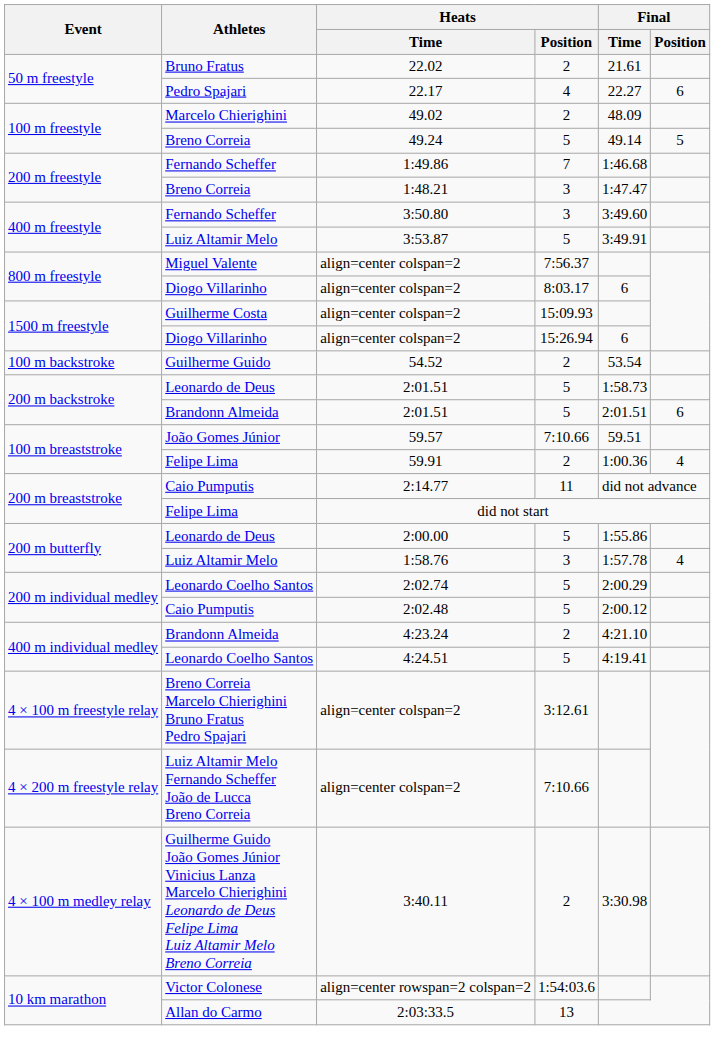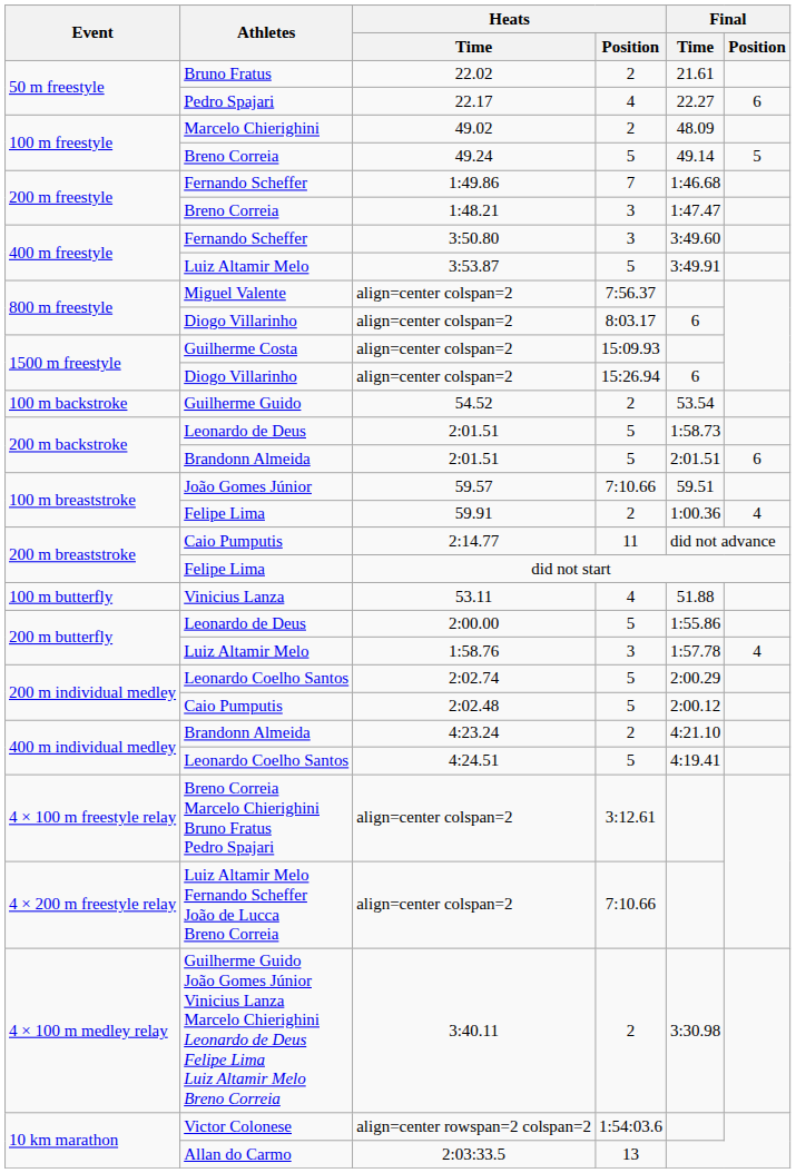 <table class="wikitable" border="1" style="font-size:90%">
 <tr>
 <th rowspan=2>Event</th>
 <th rowspan=2>Athletes</th>
 <th colspan=2>Heats</th>
 <th colspan=2>Final</th>
 </tr>
 <tr>
 <th>Time</th>
 <th>Position</th>
 <th>Time</th>
 <th>Position</th>
 </tr>
 <tr>
 <td rowspan=2><a href='#'>50 m freestyle</a></td>
 <td><a href='#'>Bruno Fratus</a></td>
 <td align=center>22.02</td>
 <td align=center>2</td>
 <td align=center>21.61</td>
 <td align=center></td>
 </tr>
 <tr>
 <td><a href='#'>Pedro Spajari</a></td>
 <td align=center>22.17</td>
 <td align=center>4</td>
 <td align=center>22.27</td>
 <td align=center>6</td>
 </tr>
 <tr>
 <td rowspan=2><a href='#'>100 m freestyle</a></td>
 <td><a href='#'>Marcelo Chierighini</a></td>
 <td align=center>49.02</td>
 <td align=center>2</td>
 <td align=center>48.09</td>
 <td align=center></td>
 </tr>
 <tr>
 <td><a href='#'>Breno Correia</a></td>
 <td align=center>49.24</td>
 <td align=center>5</td>
 <td align=center>49.14</td>
 <td align=center>5</td>
 </tr>
 <tr>
 <td rowspan=2><a href='#'>200 m freestyle</a></td>
 <td><a href='#'>Fernando Scheffer</a></td>
 <td align=center>1:49.86</td>
 <td align=center>7</td>
 <td align=center>1:46.68</td>
 <td align=center></td>
 </tr>
 <tr>
 <td><a href='#'>Breno Correia</a></td>
 <td align=center>1:48.21</td>
 <td align=center>3</td>
 <td align=center>1:47.47</td>
 <td align=center></td>
 </tr>
 <tr>
 <td rowspan=2><a href='#'>400 m freestyle</a></td>
 <td><a href='#'>Fernando Scheffer</a></td>
 <td align=center>3:50.80</td>
 <td align=center>3</td>
 <td align=center>3:49.60</td>
 <td align=center></td>
 </tr>
 <tr>
 <td><a href='#'>Luiz Altamir Melo</a></td>
 <td align=center>3:53.87</td>
 <td align=center>5</td>
 <td align=center>3:49.91</td>
 <td align=center></td>
 </tr>
 <tr>
 <td rowspan=2><a href='#'>800 m freestyle</a></td>
 <td><a href='#'>Miguel Valente</a></td>
 <td>align=center colspan=2 </td>
 <td align=center>7:56.37</td>
 <td align=center></td>
 </tr>
 <tr>
 <td><a href='#'>Diogo Villarinho</a></td>
 <td>align=center colspan=2 </td>
 <td align=center>8:03.17</td>
 <td align=center>6</td>
 </tr>
 <tr>
 <td rowspan=2><a href='#'>1500 m freestyle</a></td>
 <td><a href='#'>Guilherme Costa</a></td>
 <td>align=center colspan=2 </td>
 <td align=center>15:09.93</td>
 <td align=center></td>
 </tr>
 <tr>
 <td><a href='#'>Diogo Villarinho</a></td>
 <td>align=center colspan=2 </td>
 <td align=center>15:26.94</td>
 <td align=center>6</td>
 </tr>
 <tr>
 <td rowspan=1><a href='#'>100 m backstroke</a></td>
 <td><a href='#'>Guilherme Guido</a></td>
 <td align=center>54.52</td>
 <td align=center>2</td>
 <td align=center>53.54</td>
 <td align=center></td>
 </tr>
 <tr>
 <td rowspan=2><a href='#'>200 m backstroke</a></td>
 <td><a href='#'>Leonardo de Deus</a></td>
 <td align=center>2:01.51</td>
 <td align=center>5</td>
 <td align=center>1:58.73</td>
 <td align=center></td>
 </tr>
 <tr>
 <td><a href='#'>Brandonn Almeida</a></td>
 <td align=center>2:01.51</td>
 <td align=center>5</td>
 <td align=center>2:01.51</td>
 <td align=center>6</td>
 </tr>
 <tr>
 <td rowspan=2><a href='#'>100 m breaststroke</a></td>
 <td><a href='#'>João Gomes Júnior</a></td>
 <td align=center>59.57</td>
 <td align=center>7:10.66</td>
 <td align=center>59.51</td>
 <td align=center></td>
 </tr>
 <tr>
 <td><a href='#'>Felipe Lima</a></td>
 <td align=center>59.91</td>
 <td align=center>2</td>
 <td align=center>1:00.36</td>
 <td align=center>4</td>
 </tr>
 <tr>
 <td rowspan=2><a href='#'>200 m breaststroke</a></td>
 <td><a href='#'>Caio Pumputis</a></td>
 <td align=center>2:14.77</td>
 <td align=center>11</td>
 <td colspan=2>did not advance</td>
 </tr>
 <tr>
 <td><a href='#'>Felipe Lima</a></td>
 <td align=center colspan=4>did not start</td>
 </tr>
 <tr>
+<td rowspan=1><a href='#'>100 m butterfly</a></td>
+<td><a href='#'>Vinicius Lanza</a></td>
+<td align=center>53.11</td>
+<td align=center>4</td>
+<td align=center>51.88</td>
+<td align=center></td>
+</tr>
+<tr>
 <td rowspan=2><a href='#'>200 m butterfly</a></td>
 <td><a href='#'>Leonardo de Deus</a></td>
 <td align=center>2:00.00</td>
 <td align=center>5</td>
 <td align=center>1:55.86</td>
 <td align=center></td>
 </tr>
 <tr>
 <td><a href='#'>Luiz Altamir Melo</a></td>
 <td align=center>1:58.76</td>
 <td align=center>3</td>
 <td align=center>1:57.78</td>
 <td align=center>4</td>
 </tr>
 <tr>
 <td rowspan=2><a href='#'>200 m individual medley</a></td>
 <td><a href='#'>Leonardo Coelho Santos</a></td>
 <td align=center>2:02.74</td>
 <td align=center>5</td>
 <td align=center>2:00.29</td>
 <td align=center></td>
 </tr>
 <tr>
 <td><a href='#'>Caio Pumputis</a></td>
 <td align=center>2:02.48</td>
 <td align=center>5</td>
 <td align=center>2:00.12</td>
 <td align=center></td>
 </tr>
 <tr>
 <td rowspan=2><a href='#'>400 m individual medley</a></td>
 <td><a href='#'>Brandonn Almeida</a></td>
 <td align=center>4:23.24</td>
 <td align=center>2</td>
 <td align=center>4:21.10</td>
 <td align=center></td>
 </tr>
 <tr>
 <td><a href='#'>Leonardo Coelho Santos</a></td>
 <td align=center>4:24.51</td>
 <td align=center>5</td>
 <td align=center>4:19.41</td>
 <td align=center></td>
 </tr>
 <tr>
 <td><a href='#'>4 × 100 m freestyle relay</a></td>
 <td><a href='#'>Breno Correia</a><br><a href='#'>Marcelo Chierighini</a><br><a href='#'>Bruno Fratus</a><br><a href='#'>Pedro Spajari</a></td>
 <td>align=center colspan=2 </td>
 <td align=center>3:12.61</td>
 <td align=center></td>
 </tr>
 <tr>
 <td><a href='#'>4 × 200 m freestyle relay</a></td>
 <td><a href='#'>Luiz Altamir Melo</a><br><a href='#'>Fernando Scheffer</a><br><a href='#'>João de Lucca</a><br><a href='#'>Breno Correia</a></td>
 <td>align=center colspan=2 </td>
 <td align=center>7:10.66</td>
 <td align=center></td>
 </tr>
 <tr>
 <td><a href='#'>4 × 100 m medley relay</a></td>
 <td><a href='#'>Guilherme Guido</a><br><a href='#'>João Gomes Júnior</a> <br><a href='#'>Vinicius Lanza</a><br><a href='#'>Marcelo Chierighini</a><br><em><a href='#'>Leonardo de Deus</a> <br><a href='#'>Felipe Lima</a> <br><a href='#'>Luiz Altamir Melo</a> <br><a href='#'>Breno Correia</a></em></td>
 <td align=center>3:40.11</td>
 <td align=center>2</td>
 <td align=center>3:30.98</td>
 <td align=center></td>
 </tr>
 <tr>
 <td rowspan=2><a href='#'>10 km marathon</a></td>
 <td><a href='#'>Victor Colonese</a></td>
 <td>align=center rowspan=2 colspan=2 </td>
 <td align=center>1:54:03.6</td>
 <td align=center></td>
 </tr>
 <tr>
 <td><a href='#'>Allan do Carmo</a></td>
 <td align=center>2:03:33.5</td>
 <td align=center>13</td>
 </tr>
 </table>
